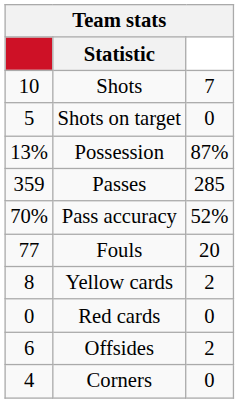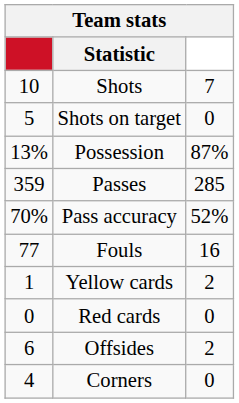 <table class="wikitable" style="margin-left: auto; margin-right: auto; border: none; text-align:center;">
 <tr>
 <th colspan=3>Team stats</th>
 </tr>
 <tr>
 <th style="background: #CE1126; color: #FFFFFF;"> <a href='#'></a></th>
 <th>Statistic</th>
 <th style="background: #FFFFFF; color: #005293;"> <a href='#'></a></th>
 </tr>
 <tr>
 <td>10</td>
 <td>Shots</td>
 <td>7</td>
 </tr>
 <tr>
 <td>5</td>
 <td>Shots on target</td>
 <td>0</td>
 </tr>
 <tr>
 <td>13%</td>
 <td>Possession</td>
 <td>87%</td>
 </tr>
 <tr>
 <td>359</td>
 <td>Passes</td>
 <td>285</td>
 </tr>
 <tr>
 <td>70%</td>
 <td>Pass accuracy</td>
 <td>52%</td>
 </tr>
 <tr>
 <td>77</td>
 <td>Fouls</td>
-<td>20</td>
+<td>16</td>
 </tr>
 <tr>
-<td>8</td>
+<td>1</td>
 <td>Yellow cards</td>
 <td>2</td>
 </tr>
 <tr>
 <td>0</td>
 <td>Red cards</td>
 <td>0</td>
 </tr>
 <tr>
 <td>6</td>
 <td>Offsides</td>
 <td>2</td>
 </tr>
 <tr>
 <td>4</td>
 <td>Corners</td>
 <td>0</td>
 </tr>
 </table>
